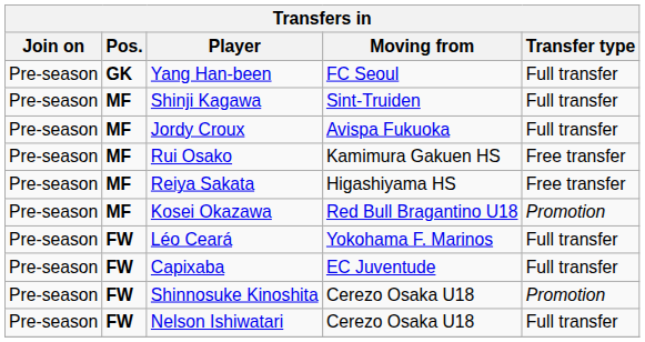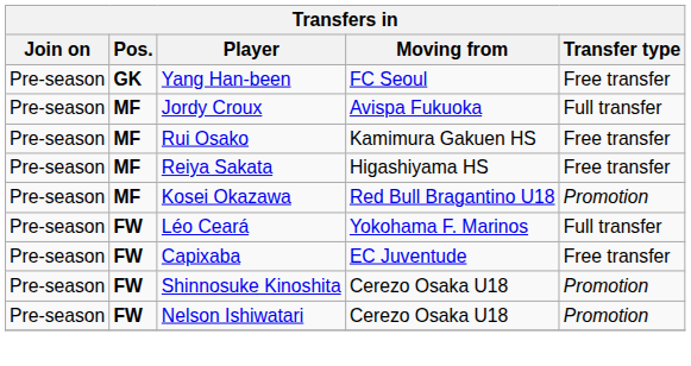 <table class="wikitable sortable" style=“text-align:left;>
 <tr>
 <th colspan="5">Transfers in</th>
 </tr>
 <tr>
 <th>Join on</th>
 <th>Pos.</th>
 <th>Player</th>
 <th>Moving from</th>
 <th>Transfer type</th>
 </tr>
 <tr>
 <td>Pre-season</td>
 <td><strong>GK</strong></td>
 <td> <a href='#'>Yang Han-been</a></td>
 <td> <a href='#'>FC Seoul</a></td>
-<td>Full transfer</td>
-</tr>
-<tr>
-<td>Pre-season</td>
-<td><strong>MF</strong></td>
-<td> <a href='#'>Shinji Kagawa</a></td>
-<td> <a href='#'>Sint-Truiden</a></td>
-<td>Full transfer</td>
+<td>Free transfer</td>
 </tr>
 <tr>
 <td>Pre-season</td>
 <td><strong>MF</strong></td>
 <td> <a href='#'>Jordy Croux</a></td>
 <td> <a href='#'>Avispa Fukuoka</a></td>
 <td>Full transfer</td>
 </tr>
 <tr>
 <td>Pre-season</td>
 <td><strong>MF</strong></td>
 <td> <a href='#'>Rui Osako</a></td>
 <td> Kamimura Gakuen HS</td>
 <td>Free transfer</td>
 </tr>
 <tr>
 <td>Pre-season</td>
 <td><strong>MF</strong></td>
 <td> <a href='#'>Reiya Sakata</a></td>
 <td> Higashiyama HS</td>
 <td>Free transfer</td>
 </tr>
 <tr>
 <td>Pre-season</td>
 <td><strong>MF</strong></td>
 <td> <a href='#'>Kosei Okazawa</a></td>
 <td> <a href='#'>Red Bull Bragantino U18</a></td>
 <td><em>Promotion</em></td>
 </tr>
 <tr>
 <td>Pre-season</td>
 <td><strong>FW</strong></td>
 <td> <a href='#'>Léo Ceará</a></td>
 <td> <a href='#'>Yokohama F. Marinos</a></td>
 <td>Full transfer</td>
 </tr>
 <tr>
 <td>Pre-season</td>
 <td><strong>FW</strong></td>
 <td> <a href='#'>Capixaba</a></td>
 <td> <a href='#'>EC Juventude</a></td>
-<td>Full transfer</td>
+<td>Free transfer</td>
 </tr>
 <tr>
 <td>Pre-season</td>
 <td><strong>FW</strong></td>
 <td> <a href='#'>Shinnosuke Kinoshita</a></td>
 <td>Cerezo Osaka U18</td>
 <td><em>Promotion</em></td>
 </tr>
 <tr>
 <td>Pre-season</td>
 <td><strong>FW</strong></td>
 <td> <a href='#'>Nelson Ishiwatari</a></td>
 <td>Cerezo Osaka U18</td>
-<td>Full transfer</td>
+<td><em>Promotion</em></td>
 </tr>
 <tr>
 </tr>
 </table>
